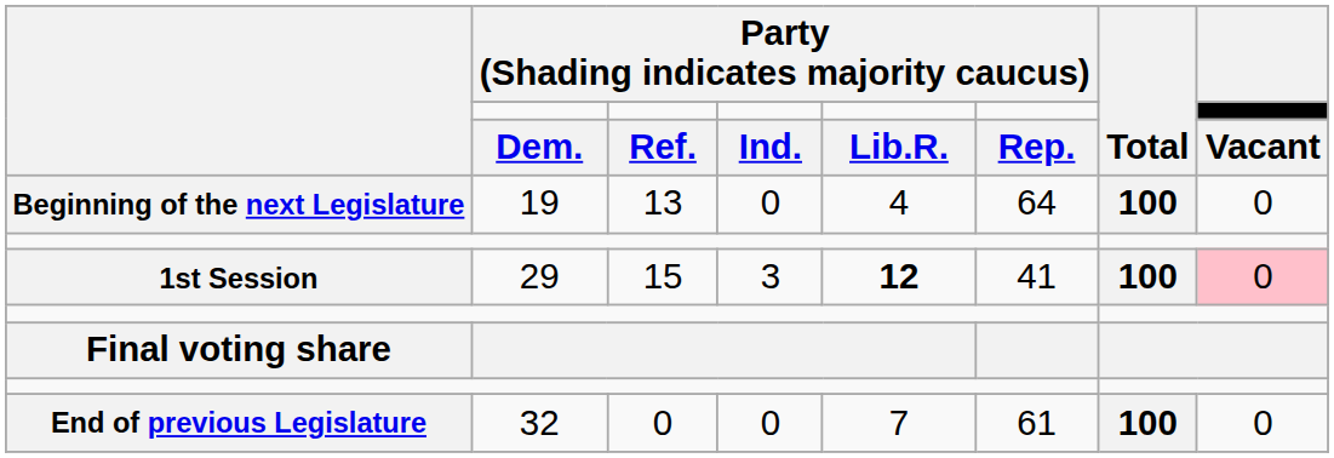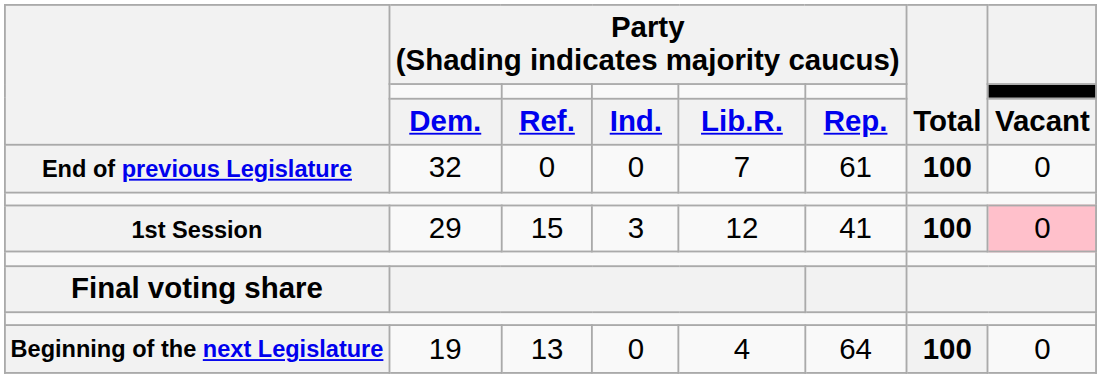 <table class=wikitable style="text-align:center">
 <tr style="vertical-align:bottom;">
 <th rowspan=3></th>
 <th colspan=5>Party <div>(Shading indicates majority caucus)</div></th>
 <th rowspan=3>Total</th>
 <th></th>
 </tr>
 <tr style="height:5px">
 <td style="background-color:"></td>
 <td style="background-color:"></td>
 <td style="background-color:"></td>
 <td style="background-color:"></td>
 <td style="background-color:"></td>
 <td style="background:black;"></td>
 </tr>
 <tr>
 <th><a href='#'>Dem.</a></th>
 <th><a href='#'>Ref.</a></th>
 <th><a href='#'>Ind.</a></th>
 <th><a href='#'>Lib.R.</a></th>
 <th><a href='#'>Rep.</a></th>
 <th>Vacant</th>
 </tr>
 <tr>
-<th style="font-size:80%;">Beginning of the <a href='#'>next Legislature</a></th>
-<td>19</td>
-<td>13</td>
+<th style="font-size:80%;">End of <a href='#'>previous Legislature</a></th>
+<td>32</td>
 <td>0</td>
-<td>4</td>
-<td>64</td>
+<td>0</td>
+<td>7</td>
+<td>61</td>
 <th>100</th>
 <td>0</td>
 </tr>
 <tr>
 <td colspan=6></td>
 </tr>
 <tr>
 <th style="font-size:80%;">1st Session</th>
 <td>29</td>
 <td>15</td>
 <td>3</td>
-<td><strong>12</strong></td>
+<td>12</td>
 <td>41</td>
 <th>100</th>
 <td style="background: pink;">0</td>
 </tr>
 <tr>
 <td colspan=6></td>
 </tr>
 <tr>
 <th>Final voting share</th>
 <th colspan=4 ></th>
 <th></th>
 <th colspan=2></th>
 </tr>
 <tr>
 <td colspan=6></td>
 </tr>
 <tr>
-<th style="font-size:80%;">End of <a href='#'>previous Legislature</a></th>
-<td>32</td>
+<th style="font-size:80%;">Beginning of the <a href='#'>next Legislature</a></th>
+<td>19</td>
+<td>13</td>
 <td>0</td>
-<td>0</td>
-<td>7</td>
-<td>61</td>
+<td>4</td>
+<td>64</td>
 <th>100</th>
 <td>0</td>
 </tr>
 </table>
